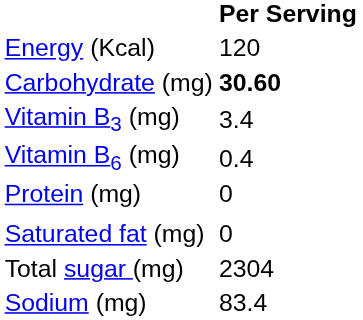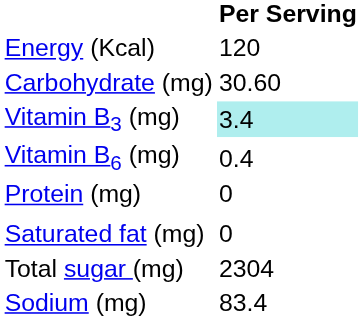 <table ->
 <tr>
 <th></th>
 <th>Per Serving</th>
 </tr>
 <tr>
 <td><a href='#'>Energy</a> (Kcal)</td>
 <td>120</td>
 </tr>
 <tr>
 <td><a href='#'>Carbohydrate</a> (mg)</td>
-<td><strong>30.60</strong></td>
+<td>30.60</td>
 </tr>
 <tr>
 <td><a href='#'>Vitamin B<sub>3</sub></a> (mg)</td>
-<td>3.4</td>
+<td style="background: paleturquoise;">3.4</td>
 </tr>
 <tr>
 <td><a href='#'>Vitamin B<sub>6</sub></a> (mg)</td>
 <td>0.4</td>
 </tr>
 <tr>
 <td><a href='#'>Protein</a> (mg)</td>
 <td>0</td>
 </tr>
 <tr>
 <td Total ></td>
 </tr>
 <tr>
 <td><a href='#'>Saturated fat</a> (mg)</td>
 <td>0</td>
 </tr>
 <tr>
 <td>Total <a href='#'>sugar </a> (mg)</td>
 <td>2304</td>
 </tr>
 <tr>
 <td><a href='#'>Sodium</a> (mg)</td>
 <td>83.4</td>
 </tr>
 </table>
